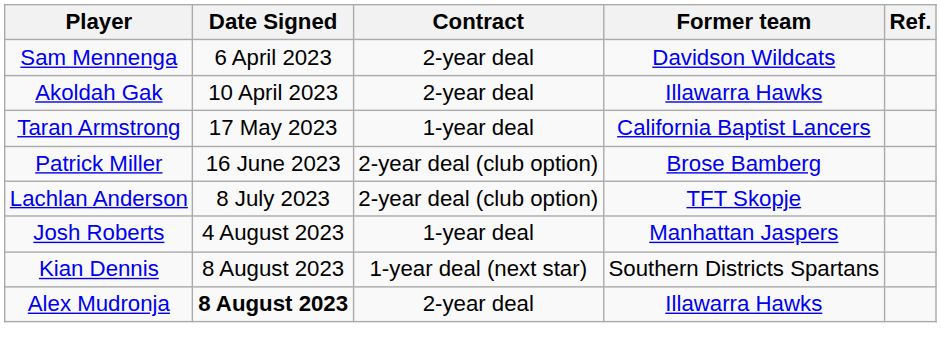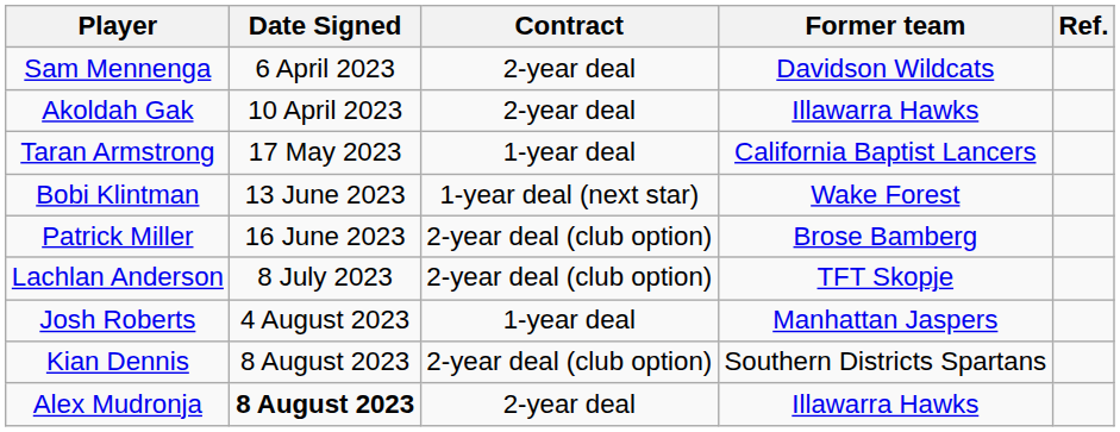 <table class="wikitable sortable sortable" style="text-align: center">
 <tr>
 <th>Player</th>
 <th>Date Signed</th>
 <th>Contract</th>
 <th>Former team</th>
 <th>Ref.</th>
 </tr>
 <tr>
 <td><a href='#'>Sam Mennenga</a></td>
 <td>6 April 2023</td>
 <td>2-year deal</td>
 <td><a href='#'>Davidson Wildcats</a></td>
 <td></td>
 </tr>
 <tr>
 <td><a href='#'>Akoldah Gak</a></td>
 <td>10 April 2023</td>
 <td>2-year deal</td>
 <td><a href='#'>Illawarra Hawks</a></td>
 <td></td>
 </tr>
 <tr>
 <td><a href='#'>Taran Armstrong</a></td>
 <td>17 May 2023</td>
 <td>1-year deal</td>
 <td><a href='#'>California Baptist Lancers</a></td>
 <td></td>
 </tr>
 <tr>
+<td><a href='#'>Bobi Klintman</a></td>
+<td>13 June 2023</td>
+<td>1-year deal (next star)</td>
+<td><a href='#'>Wake Forest</a></td>
+<td></td>
+</tr>
+<tr>
 <td><a href='#'>Patrick Miller</a></td>
 <td>16 June 2023</td>
 <td>2-year deal (club option)</td>
 <td><a href='#'>Brose Bamberg</a></td>
 <td></td>
 </tr>
 <tr>
 <td><a href='#'>Lachlan Anderson</a></td>
 <td>8 July 2023</td>
 <td>2-year deal (club option)</td>
 <td><a href='#'>TFT Skopje</a></td>
 <td></td>
 </tr>
 <tr>
 <td><a href='#'>Josh Roberts</a></td>
 <td>4 August 2023</td>
 <td>1-year deal</td>
 <td><a href='#'>Manhattan Jaspers</a></td>
 <td></td>
 </tr>
 <tr>
 <td><a href='#'>Kian Dennis</a></td>
 <td>8 August 2023</td>
-<td>1-year deal (next star)</td>
+<td>2-year deal (club option)</td>
 <td>Southern Districts Spartans</td>
 <td></td>
 </tr>
 <tr>
 <td><a href='#'>Alex Mudronja</a></td>
 <td><strong>8 August 2023</strong></td>
 <td>2-year deal</td>
 <td><a href='#'>Illawarra Hawks</a></td>
 <td></td>
 </tr>
 </table>
